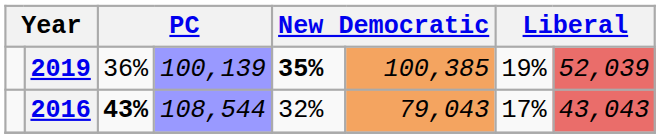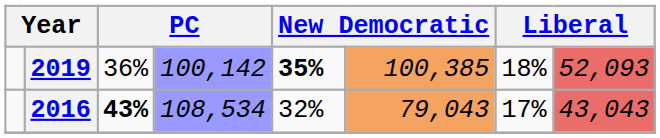 <table class="wikitable" style="float:right; width:400; font-size:90%; margin-left:1em;">
 <tr>
 <th colspan="2" scope="col">Year</th>
 <th colspan="2" scope="col"><a href='#'>PC</a></th>
 <th colspan="2" scope="col"><a href='#'>New Democratic</a></th>
 <th colspan="2" scope="col"><a href='#'>Liberal</a></th>
 </tr>
 <tr>
 <td style="width: 0.25em; background-color: "></td>
 <th><a href='#'>2019</a></th>
 <td>36%</td>
-<td style="text-align:right; background:#9999FF;"><em>100,139</em></td>
+<td style="text-align:right; background:#9999FF;"><em>100,142</em></td>
 <td><strong>35%</strong></td>
 <td style="text-align:right; background:#F4A460;"><em>100,385</em></td>
-<td>19%</td>
-<td style="text-align:right; background:#EA6D6A;"><em>52,039</em></td>
+<td>18%</td>
+<td style="text-align:right; background:#EA6D6A;"><em>52,093</em></td>
 </tr>
 <tr>
 <td style="width: 0.25em; background-color: "></td>
 <th><a href='#'>2016</a></th>
 <td><strong>43%</strong></td>
-<td style="text-align:right; background:#9999FF;"><em>108,544</em></td>
+<td style="text-align:right; background:#9999FF;"><em>108,534</em></td>
 <td>32%</td>
 <td style="text-align:right; background:#F4A460;"><em>79,043</em></td>
 <td>17%</td>
 <td style="text-align:right; background:#EA6D6A;"><em>43,043</em></td>
 </tr>
 <tr>
 </tr>
 </table>
